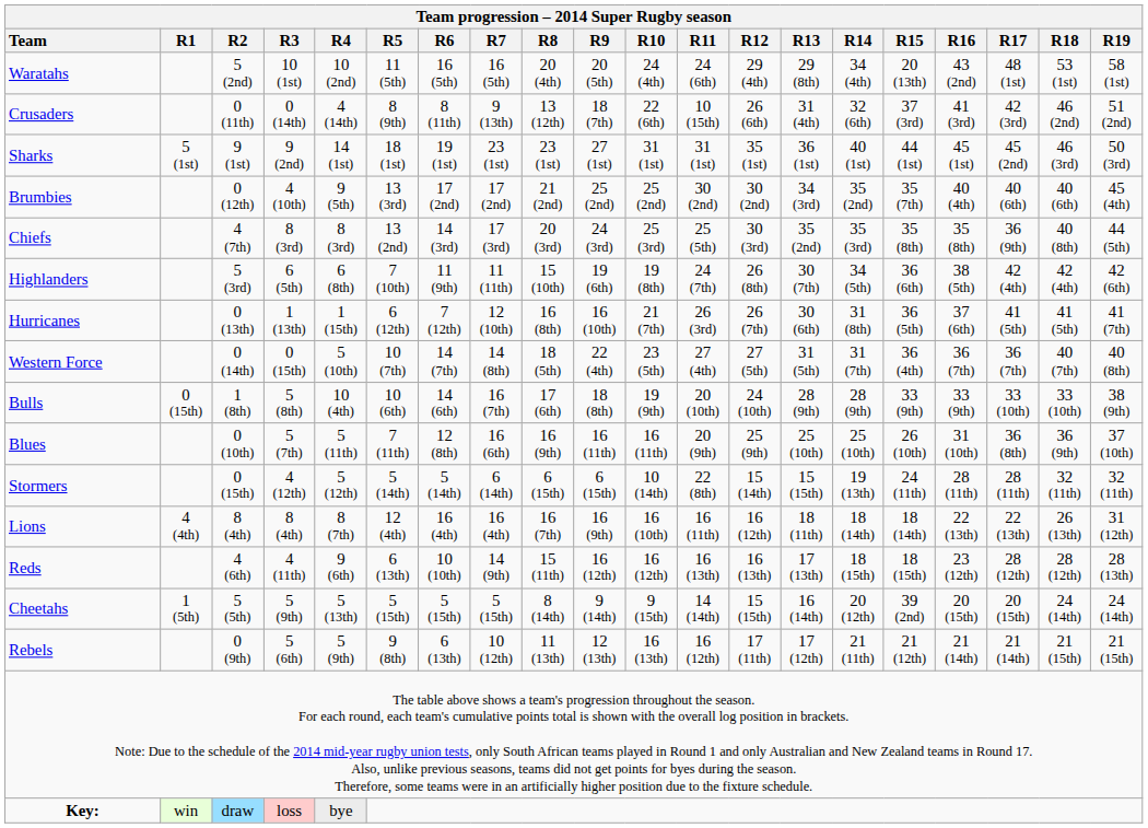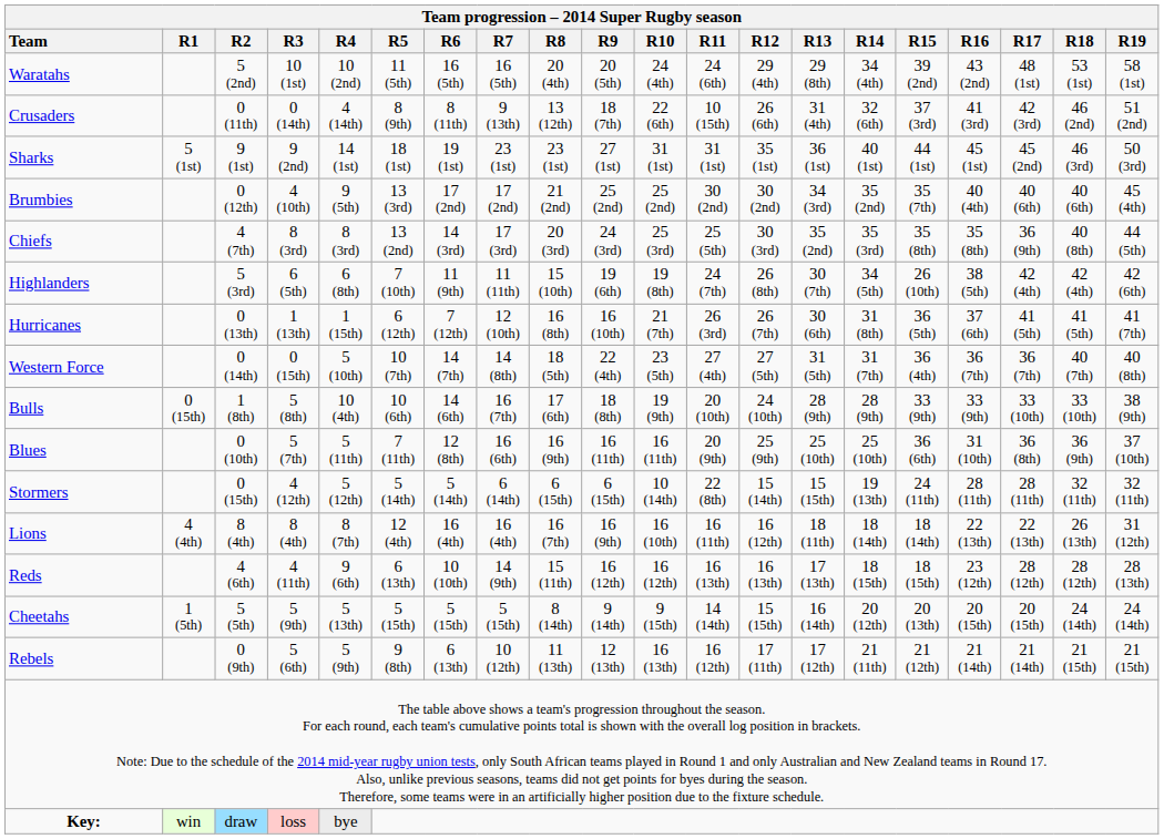 <table class="wikitable collapsible" style="text-align:center; line-height:100%; width:80%; font-size:90%">
 <tr>
 <th colspan=100%>Team progression – 2014 Super Rugby season</th>
 </tr>
 <tr>
 <th style="text-align:left; width:12%;">Team</th>
 <th style="width:4%;">R1</th>
 <th style="width:4%;">R2</th>
 <th style="width:4%;">R3</th>
 <th style="width:4%;">R4</th>
 <th style="width:4%;">R5</th>
 <th style="width:4%;">R6</th>
 <th style="width:4%;">R7</th>
 <th style="width:4%;">R8</th>
 <th style="width:4%;">R9</th>
 <th style="width:4%;">R10</th>
 <th style="width:4%;">R11</th>
 <th style="width:4%;">R12</th>
 <th style="width:4%;">R13</th>
 <th style="width:4%;">R14</th>
 <th style="width:4%;">R15</th>
 <th style="width:4%;">R16</th>
 <th style="width:4%;">R17</th>
 <th style="width:4%;">R18</th>
 <th style="width:4%;">R19</th>
 </tr>
 <tr>
 <td align=left><a href='#'>Waratahs</a></td>
 <td> </td>
 <td>5 <br><small>(2nd)</small></td>
 <td>10 <br><small>(1st)</small></td>
 <td>10 <br><small>(2nd)</small></td>
 <td>11 <br><small>(5th)</small></td>
 <td>16 <br><small>(5th)</small></td>
 <td>16 <br><small>(5th)</small></td>
 <td>20 <br><small>(4th)</small></td>
 <td>20 <br><small>(5th)</small></td>
 <td>24 <br><small>(4th)</small></td>
 <td>24 <br><small>(6th)</small></td>
 <td>29 <br><small>(4th)</small></td>
 <td>29 <br><small>(8th)</small></td>
 <td>34 <br><small>(4th)</small></td>
-<td>20 <br><small>(13th)</small></td>
+<td>39 <br><small>(2nd)</small></td>
 <td>43 <br><small>(2nd)</small></td>
 <td>48 <br><small>(1st)</small></td>
 <td>53 <br><small>(1st)</small></td>
 <td>58 <br><small>(1st)</small></td>
 </tr>
 <tr>
 <td align=left><a href='#'>Crusaders</a></td>
 <td> </td>
 <td>0 <br><small>(11th)</small></td>
 <td>0 <br><small>(14th)</small></td>
 <td>4 <br><small>(14th)</small></td>
 <td>8 <br><small>(9th)</small></td>
 <td>8 <br><small>(11th)</small></td>
 <td>9 <br><small>(13th)</small></td>
 <td>13 <br><small>(12th)</small></td>
 <td>18 <br><small>(7th)</small></td>
 <td>22 <br><small>(6th)</small></td>
 <td>10 <br><small>(15th)</small></td>
 <td>26 <br><small>(6th)</small></td>
 <td>31 <br><small>(4th)</small></td>
 <td>32 <br><small>(6th)</small></td>
 <td>37 <br><small>(3rd)</small></td>
 <td>41 <br><small>(3rd)</small></td>
 <td>42 <br><small>(3rd)</small></td>
 <td>46 <br><small>(2nd)</small></td>
 <td>51 <br><small>(2nd)</small></td>
 </tr>
 <tr>
 <td align=left><a href='#'>Sharks</a></td>
 <td>5 <br><small>(1st)</small></td>
 <td>9 <br><small>(1st)</small></td>
 <td>9 <br><small>(2nd)</small></td>
 <td>14 <br><small>(1st)</small></td>
 <td>18 <br><small>(1st)</small></td>
 <td>19 <br><small>(1st)</small></td>
 <td>23 <br><small>(1st)</small></td>
 <td>23 <br><small>(1st)</small></td>
 <td>27 <br><small>(1st)</small></td>
 <td>31 <br><small>(1st)</small></td>
 <td>31 <br><small>(1st)</small></td>
 <td>35 <br><small>(1st)</small></td>
 <td>36 <br><small>(1st)</small></td>
 <td>40 <br><small>(1st)</small></td>
 <td>44 <br><small>(1st)</small></td>
 <td>45 <br><small>(1st)</small></td>
 <td>45 <br><small>(2nd)</small></td>
 <td>46 <br><small>(3rd)</small></td>
 <td>50 <br><small>(3rd)</small></td>
 </tr>
 <tr>
 <td align=left><a href='#'>Brumbies</a></td>
 <td> </td>
 <td>0 <br><small>(12th)</small></td>
 <td>4 <br><small>(10th)</small></td>
 <td>9 <br><small>(5th)</small></td>
 <td>13 <br><small>(3rd)</small></td>
 <td>17 <br><small>(2nd)</small></td>
 <td>17 <br><small>(2nd)</small></td>
 <td>21 <br><small>(2nd)</small></td>
 <td>25 <br><small>(2nd)</small></td>
 <td>25 <br><small>(2nd)</small></td>
 <td>30 <br><small>(2nd)</small></td>
 <td>30 <br><small>(2nd)</small></td>
 <td>34 <br><small>(3rd)</small></td>
 <td>35 <br><small>(2nd)</small></td>
 <td>35 <br><small>(7th)</small></td>
 <td>40 <br><small>(4th)</small></td>
 <td>40 <br><small>(6th)</small></td>
 <td>40 <br><small>(6th)</small></td>
 <td>45 <br><small>(4th)</small></td>
 </tr>
 <tr>
 <td align=left><a href='#'>Chiefs</a></td>
 <td> </td>
 <td>4 <br><small>(7th)</small></td>
 <td>8 <br><small>(3rd)</small></td>
 <td>8 <br><small>(3rd)</small></td>
 <td>13 <br><small>(2nd)</small></td>
 <td>14 <br><small>(3rd)</small></td>
 <td>17 <br><small>(3rd)</small></td>
 <td>20 <br><small>(3rd)</small></td>
 <td>24 <br><small>(3rd)</small></td>
 <td>25 <br><small>(3rd)</small></td>
 <td>25 <br><small>(5th)</small></td>
 <td>30 <br><small>(3rd)</small></td>
 <td>35 <br><small>(2nd)</small></td>
 <td>35 <br><small>(3rd)</small></td>
 <td>35 <br><small>(8th)</small></td>
 <td>35 <br><small>(8th)</small></td>
 <td>36 <br><small>(9th)</small></td>
 <td>40 <br><small>(8th)</small></td>
 <td>44 <br><small>(5th)</small></td>
 </tr>
 <tr>
 <td align=left><a href='#'>Highlanders</a></td>
 <td> </td>
 <td>5 <br><small>(3rd)</small></td>
 <td>6 <br><small>(5th)</small></td>
 <td>6 <br><small>(8th)</small></td>
 <td>7 <br><small>(10th)</small></td>
 <td>11 <br><small>(9th)</small></td>
 <td>11 <br><small>(11th)</small></td>
 <td>15 <br><small>(10th)</small></td>
 <td>19 <br><small>(6th)</small></td>
 <td>19 <br><small>(8th)</small></td>
 <td>24 <br><small>(7th)</small></td>
 <td>26 <br><small>(8th)</small></td>
 <td>30 <br><small>(7th)</small></td>
 <td>34 <br><small>(5th)</small></td>
-<td>36 <br><small>(6th)</small></td>
+<td>26 <br><small>(10th)</small></td>
 <td>38 <br><small>(5th)</small></td>
 <td>42 <br><small>(4th)</small></td>
 <td>42 <br><small>(4th)</small></td>
 <td>42 <br><small>(6th)</small></td>
 </tr>
 <tr>
 <td align=left><a href='#'>Hurricanes</a></td>
 <td> </td>
 <td>0 <br><small>(13th)</small></td>
 <td>1 <br><small>(13th)</small></td>
 <td>1 <br><small>(15th)</small></td>
 <td>6 <br><small>(12th)</small></td>
 <td>7 <br><small>(12th)</small></td>
 <td>12 <br><small>(10th)</small></td>
 <td>16 <br><small>(8th)</small></td>
 <td>16 <br><small>(10th)</small></td>
 <td>21 <br><small>(7th)</small></td>
 <td>26 <br><small>(3rd)</small></td>
 <td>26 <br><small>(7th)</small></td>
 <td>30 <br><small>(6th)</small></td>
 <td>31 <br><small>(8th)</small></td>
 <td>36 <br><small>(5th)</small></td>
 <td>37 <br><small>(6th)</small></td>
 <td>41 <br><small>(5th)</small></td>
 <td>41 <br><small>(5th)</small></td>
 <td>41 <br><small>(7th)</small></td>
 </tr>
 <tr>
 <td align=left><a href='#'>Western Force</a></td>
 <td> </td>
 <td>0 <br><small>(14th)</small></td>
 <td>0 <br><small>(15th)</small></td>
 <td>5 <br><small>(10th)</small></td>
 <td>10 <br><small>(7th)</small></td>
 <td>14 <br><small>(7th)</small></td>
 <td>14 <br><small>(8th)</small></td>
 <td>18 <br><small>(5th)</small></td>
 <td>22 <br><small>(4th)</small></td>
 <td>23 <br><small>(5th)</small></td>
 <td>27 <br><small>(4th)</small></td>
 <td>27 <br><small>(5th)</small></td>
 <td>31 <br><small>(5th)</small></td>
 <td>31 <br><small>(7th)</small></td>
 <td>36 <br><small>(4th)</small></td>
 <td>36 <br><small>(7th)</small></td>
 <td>36 <br><small>(7th)</small></td>
 <td>40 <br><small>(7th)</small></td>
 <td>40 <br><small>(8th)</small></td>
 </tr>
 <tr>
 <td align=left><a href='#'>Bulls</a></td>
 <td>0 <br><small>(15th)</small></td>
 <td>1 <br><small>(8th)</small></td>
 <td>5 <br><small>(8th)</small></td>
 <td>10 <br><small>(4th)</small></td>
 <td>10 <br><small>(6th)</small></td>
 <td>14 <br><small>(6th)</small></td>
 <td>16 <br><small>(7th)</small></td>
 <td>17 <br><small>(6th)</small></td>
 <td>18 <br><small>(8th)</small></td>
 <td>19 <br><small>(9th)</small></td>
 <td>20 <br><small>(10th)</small></td>
 <td>24 <br><small>(10th)</small></td>
 <td>28 <br><small>(9th)</small></td>
 <td>28 <br><small>(9th)</small></td>
 <td>33 <br><small>(9th)</small></td>
 <td>33 <br><small>(9th)</small></td>
 <td>33 <br><small>(10th)</small></td>
 <td>33 <br><small>(10th)</small></td>
 <td>38 <br><small>(9th)</small></td>
 </tr>
 <tr>
 <td align=left><a href='#'>Blues</a></td>
 <td> </td>
 <td>0 <br><small>(10th)</small></td>
 <td>5 <br><small>(7th)</small></td>
 <td>5 <br><small>(11th)</small></td>
 <td>7 <br><small>(11th)</small></td>
 <td>12 <br><small>(8th)</small></td>
 <td>16 <br><small>(6th)</small></td>
 <td>16 <br><small>(9th)</small></td>
 <td>16 <br><small>(11th)</small></td>
 <td>16 <br><small>(11th)</small></td>
 <td>20 <br><small>(9th)</small></td>
 <td>25 <br><small>(9th)</small></td>
 <td>25 <br><small>(10th)</small></td>
 <td>25 <br><small>(10th)</small></td>
-<td>26 <br><small>(10th)</small></td>
+<td>36 <br><small>(6th)</small></td>
 <td>31 <br><small>(10th)</small></td>
 <td>36 <br><small>(8th)</small></td>
 <td>36 <br><small>(9th)</small></td>
 <td>37 <br><small>(10th)</small></td>
 </tr>
 <tr>
 <td align=left><a href='#'>Stormers</a></td>
 <td> </td>
 <td>0 <br><small>(15th)</small></td>
 <td>4 <br><small>(12th)</small></td>
 <td>5 <br><small>(12th)</small></td>
 <td>5 <br><small>(14th)</small></td>
 <td>5 <br><small>(14th)</small></td>
 <td>6 <br><small>(14th)</small></td>
 <td>6 <br><small>(15th)</small></td>
 <td>6 <br><small>(15th)</small></td>
 <td>10 <br><small>(14th)</small></td>
 <td>22 <br><small>(8th)</small></td>
 <td>15 <br><small>(14th)</small></td>
 <td>15 <br><small>(15th)</small></td>
 <td>19 <br><small>(13th)</small></td>
 <td>24 <br><small>(11th)</small></td>
 <td>28 <br><small>(11th)</small></td>
 <td>28 <br><small>(11th)</small></td>
 <td>32 <br><small>(11th)</small></td>
 <td>32 <br><small>(11th)</small></td>
 </tr>
 <tr>
 <td align=left><a href='#'>Lions</a></td>
 <td>4 <br><small>(4th)</small></td>
 <td>8 <br><small>(4th)</small></td>
 <td>8 <br><small>(4th)</small></td>
 <td>8 <br><small>(7th)</small></td>
 <td>12 <br><small>(4th)</small></td>
 <td>16 <br><small>(4th)</small></td>
 <td>16 <br><small>(4th)</small></td>
 <td>16 <br><small>(7th)</small></td>
 <td>16 <br><small>(9th)</small></td>
 <td>16 <br><small>(10th)</small></td>
 <td>16 <br><small>(11th)</small></td>
 <td>16 <br><small>(12th)</small></td>
 <td>18 <br><small>(11th)</small></td>
 <td>18 <br><small>(14th)</small></td>
 <td>18 <br><small>(14th)</small></td>
 <td>22 <br><small>(13th)</small></td>
 <td>22 <br><small>(13th)</small></td>
 <td>26 <br><small>(13th)</small></td>
 <td>31 <br><small>(12th)</small></td>
 </tr>
 <tr>
 <td align=left><a href='#'>Reds</a></td>
 <td> </td>
 <td>4 <br><small>(6th)</small></td>
 <td>4 <br><small>(11th)</small></td>
 <td>9 <br><small>(6th)</small></td>
 <td>6 <br><small>(13th)</small></td>
 <td>10 <br><small>(10th)</small></td>
 <td>14 <br><small>(9th)</small></td>
 <td>15 <br><small>(11th)</small></td>
 <td>16 <br><small>(12th)</small></td>
 <td>16 <br><small>(12th)</small></td>
 <td>16 <br><small>(13th)</small></td>
 <td>16 <br><small>(13th)</small></td>
 <td>17 <br><small>(13th)</small></td>
 <td>18 <br><small>(15th)</small></td>
 <td>18 <br><small>(15th)</small></td>
 <td>23 <br><small>(12th)</small></td>
 <td>28 <br><small>(12th)</small></td>
 <td>28 <br><small>(12th)</small></td>
 <td>28 <br><small>(13th)</small></td>
 </tr>
 <tr>
 <td align=left><a href='#'>Cheetahs</a></td>
 <td>1 <br><small>(5th)</small></td>
 <td>5 <br><small>(5th)</small></td>
 <td>5 <br><small>(9th)</small></td>
 <td>5 <br><small>(13th)</small></td>
 <td>5 <br><small>(15th)</small></td>
 <td>5 <br><small>(15th)</small></td>
 <td>5 <br><small>(15th)</small></td>
 <td>8 <br><small>(14th)</small></td>
 <td>9 <br><small>(14th)</small></td>
 <td>9 <br><small>(15th)</small></td>
 <td>14 <br><small>(14th)</small></td>
 <td>15 <br><small>(15th)</small></td>
 <td>16 <br><small>(14th)</small></td>
 <td>20 <br><small>(12th)</small></td>
-<td>39 <br><small>(2nd)</small></td>
+<td>20 <br><small>(13th)</small></td>
 <td>20 <br><small>(15th)</small></td>
 <td>20 <br><small>(15th)</small></td>
 <td>24 <br><small>(14th)</small></td>
 <td>24 <br><small>(14th)</small></td>
 </tr>
 <tr>
 <td align=left><a href='#'>Rebels</a></td>
 <td> </td>
 <td>0 <br><small>(9th)</small></td>
 <td>5 <br><small>(6th)</small></td>
 <td>5 <br><small>(9th)</small></td>
 <td>9 <br><small>(8th)</small></td>
 <td>6 <br><small>(13th)</small></td>
 <td>10 <br><small>(12th)</small></td>
 <td>11 <br><small>(13th)</small></td>
 <td>12 <br><small>(13th)</small></td>
 <td>16 <br><small>(13th)</small></td>
 <td>16 <br><small>(12th)</small></td>
 <td>17 <br><small>(11th)</small></td>
 <td>17 <br><small>(12th)</small></td>
 <td>21 <br><small>(11th)</small></td>
 <td>21 <br><small>(12th)</small></td>
 <td>21 <br><small>(14th)</small></td>
 <td>21 <br><small>(14th)</small></td>
 <td>21 <br><small>(15th)</small></td>
 <td>21 <br><small>(15th)</small></td>
 </tr>
 <tr>
 <td colspan="100%" style="text-align:center;"><br><small>The table above shows a team's progression throughout the season.<br>For each round, each team's cumulative points total is shown with the overall log position in brackets.<br><br>Note: Due to the schedule of the <a href='#'>2014 mid-year rugby union tests</a>, only South African teams played in Round 1 and only Australian and New Zealand teams in Round 17.<br>Also, unlike previous seasons, teams did not get points for byes during the season.<br>Therefore, some teams were in an artificially higher position due to the fixture schedule.</small></td>
 </tr>
 <tr>
 <td><strong>Key:</strong></td>
 <td style="background:#E8FFD8;">win</td>
 <td style="background:#97DEFF;">draw</td>
 <td style="background:#FFCCCC;">loss</td>
 <td style="background:#ECECEC;">bye</td>
 <td colspan=15></td>
 </tr>
 </table>
